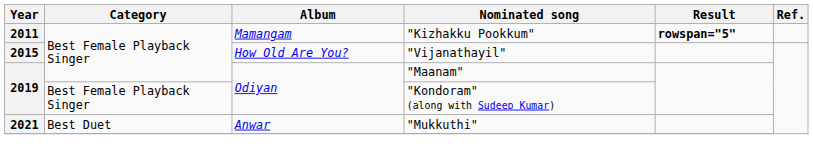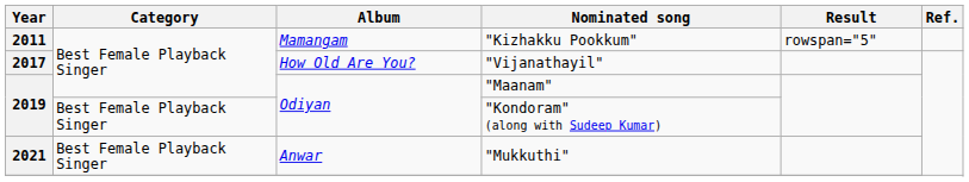 <table class="wikitable plainrowheaders" width="100%" textcolor:#000;">
 <tr>
 <th scope="col" width=5%><strong>Year</strong></th>
 <th scope="col" width=24%><strong>Category</strong></th>
 <th scope="col" width=22%><strong>Album</strong></th>
 <th scope="col" width=32%><strong>Nominated song</strong></th>
 <th scope="col" width=15%><strong>Result</strong></th>
 <th scope="col" width=2%><strong>Ref.</strong></th>
 </tr>
 <tr>
 <th scope="row">2011</th>
 <td rowspan="3">Best Female Playback Singer</td>
 <td><em><a href='#'>Mamangam</a></em></td>
 <td>"Kizhakku Pookkum"</td>
-<td><strong>rowspan="5" </strong></td>
+<td>rowspan="5" </td>
 <td></td>
 </tr>
 <tr>
-<th scope="row">2015</th>
+<th scope="row">2017</th>
 <td><em><a href='#'>How Old Are You?</a></em></td>
 <td>"Vijanathayil"</td>
 <td></td>
 </tr>
 <tr>
 <th scope="row" rowspan="2">2019</th>
 <td rowspan="2"><em><a href='#'>Odiyan</a></em></td>
 <td>"Maanam"</td>
 <td rowspan="2"></td>
 </tr>
 <tr>
 <td>Best Female Playback Singer</td>
 <td>"Kondoram" <br><small>(along with <a href='#'>Sudeep Kumar</a>)</small></td>
 </tr>
 <tr>
 <th>2021</th>
-<td>Best Duet</td>
+<td>Best Female Playback Singer</td>
 <td><em><a href='#'>Anwar</a></em></td>
 <td>"Mukkuthi"</td>
 <td></td>
 </tr>
 <tr>
 </tr>
 </table>
